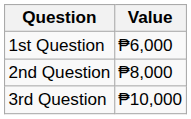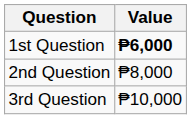 <table class="wikitable" border="1">
 <tr>
 <th>Question</th>
 <th>Value</th>
 </tr>
 <tr>
 <td>1st Question</td>
-<td>₱6,000</td>
+<td><strong>₱6,000</strong></td>
 </tr>
 <tr>
 <td>2nd Question</td>
 <td>₱8,000</td>
 </tr>
 <tr>
 <td>3rd Question</td>
 <td>₱10,000</td>
 </tr>
 </table>
